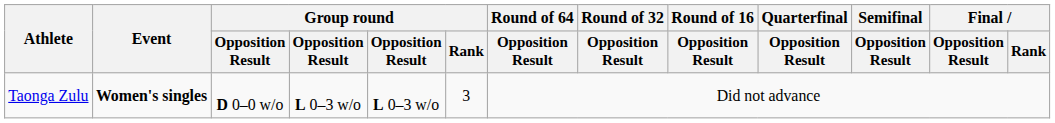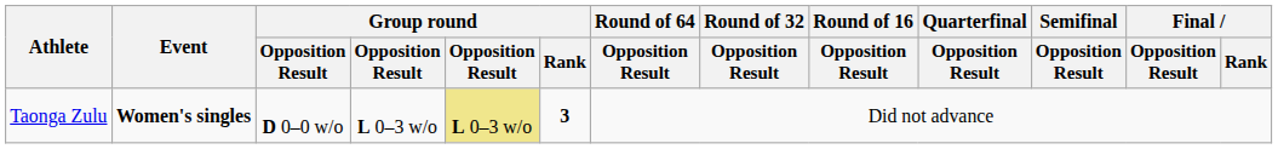 <table class="wikitable" style="font-size:90%;">
 <tr>
 <th rowspan=2>Athlete</th>
 <th rowspan=2>Event</th>
 <th colspan=4>Group round</th>
 <th>Round of 64</th>
 <th>Round of 32</th>
 <th>Round of 16</th>
 <th>Quarterfinal</th>
 <th>Semifinal</th>
 <th colspan=2>Final / </th>
 </tr>
 <tr style="font-size:95%">
 <th>Opposition<br>Result</th>
 <th>Opposition<br>Result</th>
 <th>Opposition<br>Result</th>
 <th>Rank</th>
 <th>Opposition<br>Result</th>
 <th>Opposition<br>Result</th>
 <th>Opposition<br>Result</th>
 <th>Opposition<br>Result</th>
 <th>Opposition<br>Result</th>
 <th>Opposition<br>Result</th>
 <th>Rank</th>
 </tr>
 <tr align=center>
 <td align=left><a href='#'>Taonga Zulu</a></td>
 <td align=left><strong>Women's singles</strong></td>
 <td><br> <strong>D</strong> 0–0 w/o</td>
 <td><br> <strong>L</strong> 0–3  w/o</td>
-<td><br>  <strong>L</strong> 0–3  w/o</td>
-<td>3</td>
+<td style="background: khaki;"><br>  <strong>L</strong> 0–3  w/o</td>
+<td><strong>3</strong></td>
 <td colspan=7>Did not advance</td>
 </tr>
 </table>
